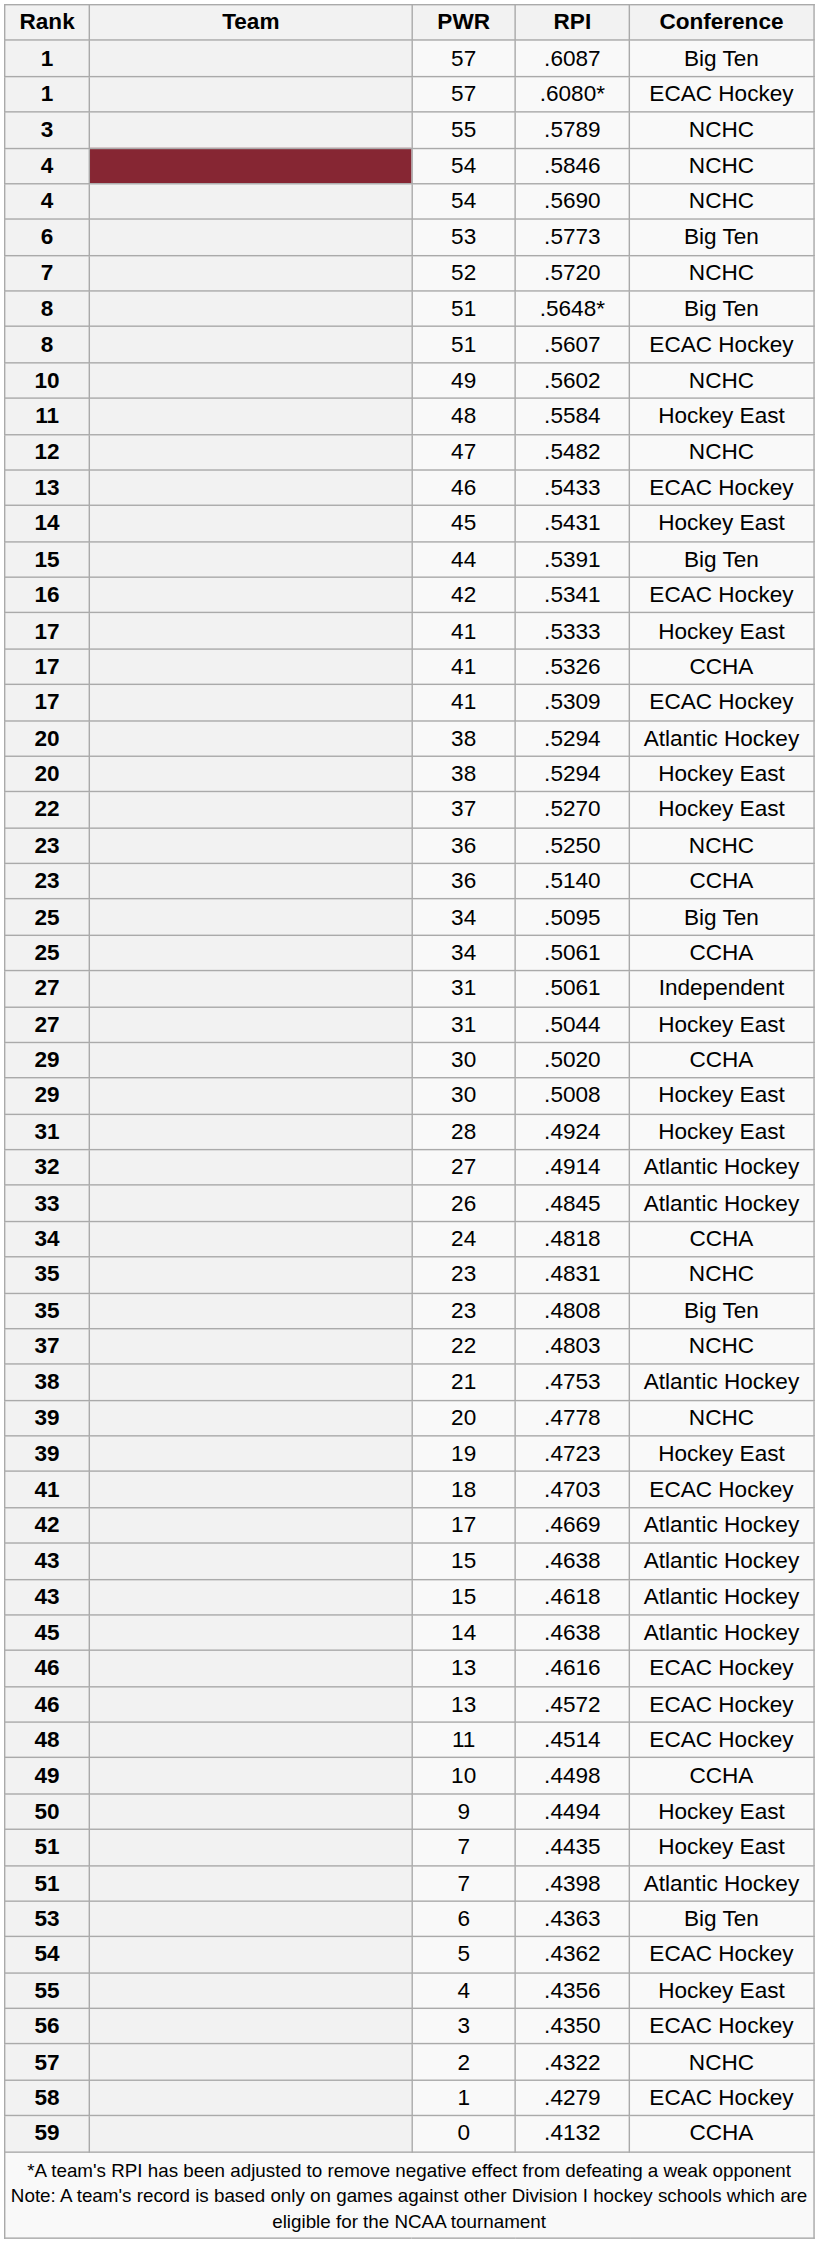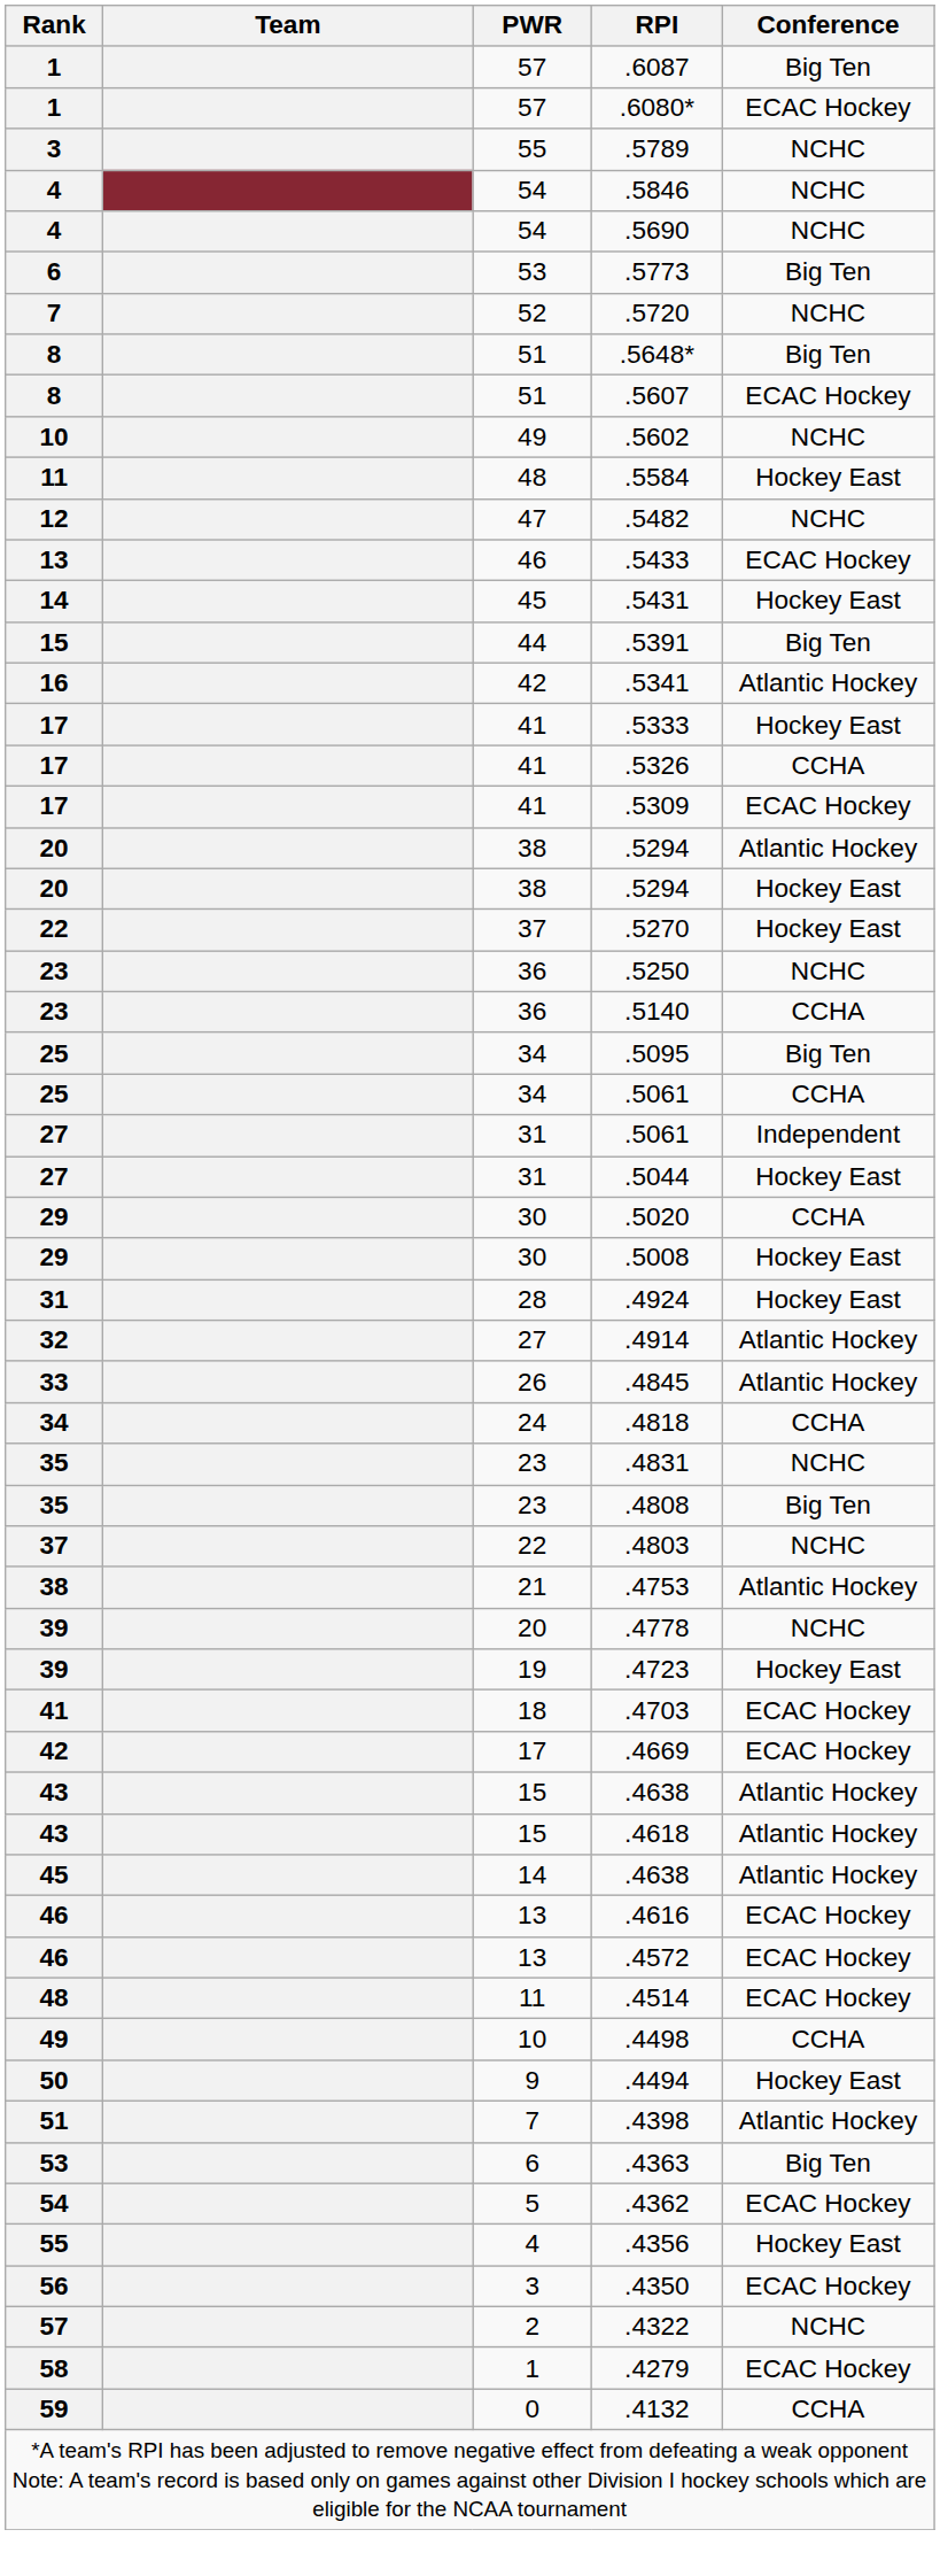 <table class="wikitable sortable" style="text-align: center;" width=65%>
 <tr>
 <th ! width="4%">Rank</th>
 <th ! width="25%">Team</th>
 <th ! width="8%">PWR</th>
 <th ! width="8%">RPI</th>
 <th ! width="10%">Conference</th>
 </tr>
 <tr>
 <th>1</th>
 <th align=center><strong><a href='#'></a></strong></th>
 <td>57</td>
 <td>.6087</td>
 <td>Big Ten</td>
 </tr>
 <tr>
 <th>1</th>
 <th align=center><strong><a href='#'></a></strong></th>
 <td>57</td>
 <td>.6080*</td>
 <td>ECAC Hockey</td>
 </tr>
 <tr>
 <th>3</th>
 <th align=center><strong><a href='#'></a></strong></th>
 <td>55</td>
 <td>.5789</td>
 <td>NCHC</td>
 </tr>
 <tr>
 <th>4</th>
 <th align=center style="color:white; background:#862633; "><strong><a href='#'></a></strong></th>
 <td>54</td>
 <td>.5846</td>
 <td>NCHC</td>
 </tr>
 <tr>
 <th>4</th>
 <th align=center><strong><a href='#'></a></strong></th>
 <td>54</td>
 <td>.5690</td>
 <td>NCHC</td>
 </tr>
 <tr>
 <th>6</th>
 <th align=center><strong><a href='#'></a></strong></th>
 <td>53</td>
 <td>.5773</td>
 <td>Big Ten</td>
 </tr>
 <tr>
 <th>7</th>
 <th align=center><strong><a href='#'></a></strong></th>
 <td>52</td>
 <td>.5720</td>
 <td>NCHC</td>
 </tr>
 <tr>
 <th>8</th>
 <th align=center><strong><a href='#'></a></strong></th>
 <td>51</td>
 <td>.5648*</td>
 <td>Big Ten</td>
 </tr>
 <tr>
 <th>8</th>
 <th align=center><strong><a href='#'></a></strong></th>
 <td>51</td>
 <td>.5607</td>
 <td>ECAC Hockey</td>
 </tr>
 <tr>
 <th>10</th>
 <th align=center><strong><a href='#'></a></strong></th>
 <td>49</td>
 <td>.5602</td>
 <td>NCHC</td>
 </tr>
 <tr>
 <th>11</th>
 <th align=center><strong><a href='#'></a></strong></th>
 <td>48</td>
 <td>.5584</td>
 <td>Hockey East</td>
 </tr>
 <tr>
 <th>12</th>
 <th align=center><strong><a href='#'></a></strong></th>
 <td>47</td>
 <td>.5482</td>
 <td>NCHC</td>
 </tr>
 <tr>
 <th>13</th>
 <th align=center><strong><a href='#'></a></strong></th>
 <td>46</td>
 <td>.5433</td>
 <td>ECAC Hockey</td>
 </tr>
 <tr>
 <th>14</th>
 <th align=center><strong><a href='#'></a></strong></th>
 <td>45</td>
 <td>.5431</td>
 <td>Hockey East</td>
 </tr>
 <tr>
 <th>15</th>
 <th align=center><strong><a href='#'></a></strong></th>
 <td>44</td>
 <td>.5391</td>
 <td>Big Ten</td>
 </tr>
 <tr>
 <th>16</th>
 <th align=center><strong><a href='#'></a></strong></th>
 <td>42</td>
 <td>.5341</td>
-<td>ECAC Hockey</td>
+<td>Atlantic Hockey</td>
 </tr>
 <tr>
 <th>17</th>
 <th align=center><strong><a href='#'></a></strong></th>
 <td>41</td>
 <td>.5333</td>
 <td>Hockey East</td>
 </tr>
 <tr>
 <th>17</th>
 <th align=center><strong><a href='#'></a></strong></th>
 <td>41</td>
 <td>.5326</td>
 <td>CCHA</td>
 </tr>
 <tr>
 <th>17</th>
 <th align=center><strong><a href='#'></a></strong></th>
 <td>41</td>
 <td>.5309</td>
 <td>ECAC Hockey</td>
 </tr>
 <tr>
 <th>20</th>
 <th align=center><strong><a href='#'></a></strong></th>
 <td>38</td>
 <td>.5294</td>
 <td>Atlantic Hockey</td>
 </tr>
 <tr>
 <th>20</th>
 <th align=center><strong><a href='#'></a></strong></th>
 <td>38</td>
 <td>.5294</td>
 <td>Hockey East</td>
 </tr>
 <tr>
 <th>22</th>
 <th align=center><strong><a href='#'></a></strong></th>
 <td>37</td>
 <td>.5270</td>
 <td>Hockey East</td>
 </tr>
 <tr>
 <th>23</th>
 <th align=center><strong><a href='#'></a></strong></th>
 <td>36</td>
 <td>.5250</td>
 <td>NCHC</td>
 </tr>
 <tr>
 <th>23</th>
 <th align=center><strong><a href='#'></a></strong></th>
 <td>36</td>
 <td>.5140</td>
 <td>CCHA</td>
 </tr>
 <tr>
 <th>25</th>
 <th align=center><strong><a href='#'></a></strong></th>
 <td>34</td>
 <td>.5095</td>
 <td>Big Ten</td>
 </tr>
 <tr>
 <th>25</th>
 <th align=center><strong><a href='#'></a></strong></th>
 <td>34</td>
 <td>.5061</td>
 <td>CCHA</td>
 </tr>
 <tr>
 <th>27</th>
 <th align=center><strong><a href='#'></a></strong></th>
 <td>31</td>
 <td>.5061</td>
 <td>Independent</td>
 </tr>
 <tr>
 <th>27</th>
 <th align=center><strong><a href='#'></a></strong></th>
 <td>31</td>
 <td>.5044</td>
 <td>Hockey East</td>
 </tr>
 <tr>
 <th>29</th>
 <th align=center><strong><a href='#'></a></strong></th>
 <td>30</td>
 <td>.5020</td>
 <td>CCHA</td>
 </tr>
 <tr>
 <th>29</th>
 <th align=center><strong><a href='#'></a></strong></th>
 <td>30</td>
 <td>.5008</td>
 <td>Hockey East</td>
 </tr>
 <tr>
 <th>31</th>
 <th align=center><strong><a href='#'></a></strong></th>
 <td>28</td>
 <td>.4924</td>
 <td>Hockey East</td>
 </tr>
 <tr>
 <th>32</th>
 <th align=center><strong><a href='#'></a></strong></th>
 <td>27</td>
 <td>.4914</td>
 <td>Atlantic Hockey</td>
 </tr>
 <tr>
 <th>33</th>
 <th align=center><strong><a href='#'></a></strong></th>
 <td>26</td>
 <td>.4845</td>
 <td>Atlantic Hockey</td>
 </tr>
 <tr>
 <th>34</th>
 <th align=center><strong><a href='#'></a></strong></th>
 <td>24</td>
 <td>.4818</td>
 <td>CCHA</td>
 </tr>
 <tr>
 <th>35</th>
 <th align=center><strong><a href='#'></a></strong></th>
 <td>23</td>
 <td>.4831</td>
 <td>NCHC</td>
 </tr>
 <tr>
 <th>35</th>
 <th align=center><strong><a href='#'></a></strong></th>
 <td>23</td>
 <td>.4808</td>
 <td>Big Ten</td>
 </tr>
 <tr>
 <th>37</th>
 <th align=center><strong><a href='#'></a></strong></th>
 <td>22</td>
 <td>.4803</td>
 <td>NCHC</td>
 </tr>
 <tr>
 <th>38</th>
 <th align=center><strong><a href='#'></a></strong></th>
 <td>21</td>
 <td>.4753</td>
 <td>Atlantic Hockey</td>
 </tr>
 <tr>
 <th>39</th>
 <th align=center><strong><a href='#'></a></strong></th>
 <td>20</td>
 <td>.4778</td>
 <td>NCHC</td>
 </tr>
 <tr>
 <th>39</th>
 <th align=center><strong><a href='#'></a></strong></th>
 <td>19</td>
 <td>.4723</td>
 <td>Hockey East</td>
 </tr>
 <tr>
 <th>41</th>
 <th align=center><strong><a href='#'></a></strong></th>
 <td>18</td>
 <td>.4703</td>
 <td>ECAC Hockey</td>
 </tr>
 <tr>
 <th>42</th>
 <th align=center><strong><a href='#'></a></strong></th>
 <td>17</td>
 <td>.4669</td>
-<td>Atlantic Hockey</td>
+<td>ECAC Hockey</td>
 </tr>
 <tr>
 <th>43</th>
 <th align=center><strong><a href='#'></a></strong></th>
 <td>15</td>
 <td>.4638</td>
 <td>Atlantic Hockey</td>
 </tr>
 <tr>
 <th>43</th>
 <th align=center><strong><a href='#'></a></strong></th>
 <td>15</td>
 <td>.4618</td>
 <td>Atlantic Hockey</td>
 </tr>
 <tr>
 <th>45</th>
 <th align=center><strong><a href='#'></a></strong></th>
 <td>14</td>
 <td>.4638</td>
 <td>Atlantic Hockey</td>
 </tr>
 <tr>
 <th>46</th>
 <th align=center><strong><a href='#'></a></strong></th>
 <td>13</td>
 <td>.4616</td>
 <td>ECAC Hockey</td>
 </tr>
 <tr>
 <th>46</th>
 <th align=center><strong><a href='#'></a></strong></th>
 <td>13</td>
 <td>.4572</td>
 <td>ECAC Hockey</td>
 </tr>
 <tr>
 <th>48</th>
 <th align=center><strong><a href='#'></a></strong></th>
 <td>11</td>
 <td>.4514</td>
 <td>ECAC Hockey</td>
 </tr>
 <tr>
 <th>49</th>
 <th align=center><strong><a href='#'></a></strong></th>
 <td>10</td>
 <td>.4498</td>
 <td>CCHA</td>
 </tr>
 <tr>
 <th>50</th>
 <th align=center><strong><a href='#'></a></strong></th>
 <td>9</td>
 <td>.4494</td>
-<td>Hockey East</td>
-</tr>
-<tr>
-<th>51</th>
-<th align=center><strong><a href='#'></a></strong></th>
-<td>7</td>
-<td>.4435</td>
 <td>Hockey East</td>
 </tr>
 <tr>
 <th>51</th>
 <th align=center><strong><a href='#'></a></strong></th>
 <td>7</td>
 <td>.4398</td>
 <td>Atlantic Hockey</td>
 </tr>
 <tr>
 <th>53</th>
 <th align=center><strong><a href='#'></a></strong></th>
 <td>6</td>
 <td>.4363</td>
 <td>Big Ten</td>
 </tr>
 <tr>
 <th>54</th>
 <th align=center><strong><a href='#'></a></strong></th>
 <td>5</td>
 <td>.4362</td>
 <td>ECAC Hockey</td>
 </tr>
 <tr>
 <th>55</th>
 <th align=center><strong><a href='#'></a></strong></th>
 <td>4</td>
 <td>.4356</td>
 <td>Hockey East</td>
 </tr>
 <tr>
 <th>56</th>
 <th align=center><strong><a href='#'></a></strong></th>
 <td>3</td>
 <td>.4350</td>
 <td>ECAC Hockey</td>
 </tr>
 <tr>
 <th>57</th>
 <th align=center><strong><a href='#'></a></strong></th>
 <td>2</td>
 <td>.4322</td>
 <td>NCHC</td>
 </tr>
 <tr>
 <th>58</th>
 <th align=center><strong><a href='#'></a></strong></th>
 <td>1</td>
 <td>.4279</td>
 <td>ECAC Hockey</td>
 </tr>
 <tr>
 <th>59</th>
 <th align=center><strong><a href='#'></a></strong></th>
 <td>0</td>
 <td>.4132</td>
 <td>CCHA</td>
 </tr>
 <tr class="sortbottom">
 <td colspan=5 style="text-align:center;"><small> *A team's RPI has been adjusted to remove negative effect from defeating a weak opponent <br> Note: A team's record is based only on games against other Division I hockey schools which are eligible for the NCAA tournament</small></td>
 </tr>
 </table>
